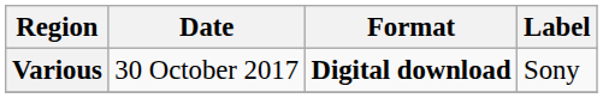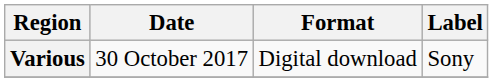 <table class="wikitable plainrowheaders unsortable">
 <tr>
 <th>Region</th>
 <th>Date</th>
 <th>Format</th>
 <th>Label</th>
 </tr>
 <tr>
 <th scope="row">Various</th>
 <td>30 October 2017</td>
-<td><strong>Digital download</strong></td>
+<td>Digital download</td>
 <td>Sony</td>
 </tr>
 <tr>
 </tr>
 </table>
